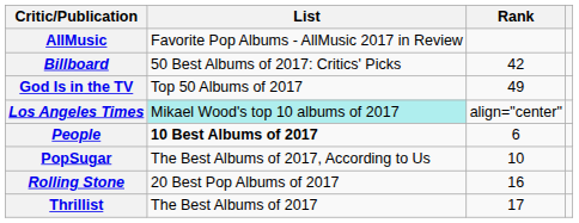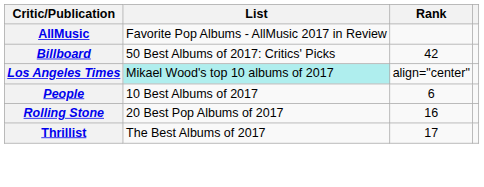 <table class="wikitable plainrowheaders sortable">
 <tr>
 <th>Critic/Publication</th>
 <th scope="col" class="unsortable">List</th>
 <th data-sort-type="number">Rank</th>
 <th scope="col" class="unsortable"></th>
 </tr>
 <tr>
 <th scope="row"><a href='#'>AllMusic</a></th>
 <td>Favorite Pop Albums - AllMusic 2017 in Review</td>
 <td></td>
 <td align="center"></td>
 </tr>
 <tr>
 <th scope="row"><em><a href='#'>Billboard</a></em></th>
 <td>50 Best Albums of 2017: Critics' Picks</td>
 <td align="center">42</td>
 <td align="center"></td>
 </tr>
 <tr>
-<th scope="row"><a href='#'>God Is in the TV</a></th>
-<td>Top 50 Albums of 2017</td>
-<td align="center">49</td>
-<td align="center"></td>
-</tr>
-<tr>
 <th scope="row"><em><a href='#'>Los Angeles Times</a></em></th>
 <td style="background: paleturquoise;">Mikael Wood's top 10 albums of 2017</td>
 <td>align="center" </td>
 <td align="center"></td>
 </tr>
 <tr>
 <th scope="row"><em><a href='#'>People</a></em></th>
-<td><strong>10 Best Albums of 2017</strong></td>
+<td>10 Best Albums of 2017</td>
 <td align="center">6</td>
-<td align="center"></td>
-</tr>
-<tr>
-<th scope="row"><a href='#'>PopSugar</a></th>
-<td>The Best Albums of 2017, According to Us</td>
-<td align="center">10</td>
 <td align="center"></td>
 </tr>
 <tr>
 <th scope="row"><em><a href='#'>Rolling Stone</a></em></th>
 <td>20 Best Pop Albums of 2017</td>
 <td align="center">16</td>
 <td align="center"></td>
 </tr>
 <tr>
 <th scope="row"><a href='#'>Thrillist</a></th>
 <td>The Best Albums of 2017</td>
 <td align="center">17</td>
 <td align="center"></td>
 </tr>
 </table>
